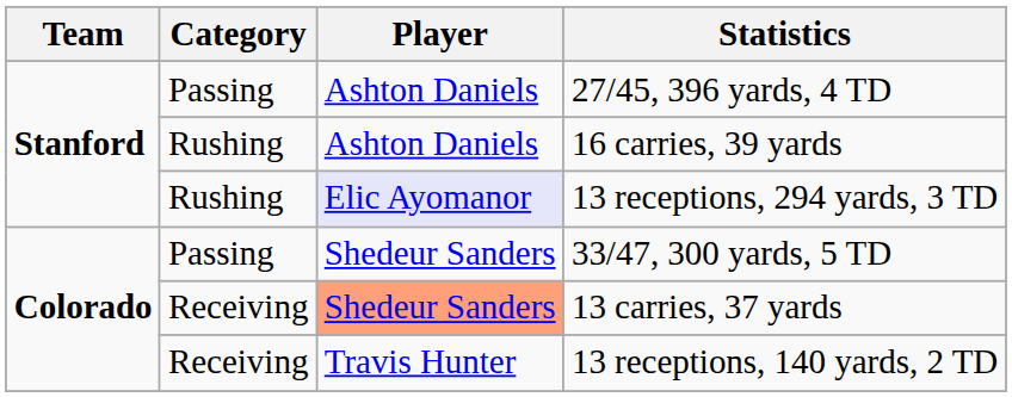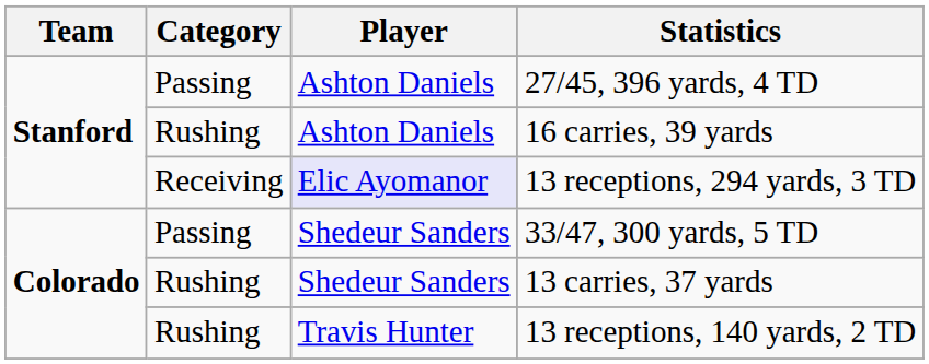 <table class="wikitable" style="float: right;">
 <tr>
 <th>Team</th>
 <th>Category</th>
 <th>Player</th>
 <th>Statistics</th>
 </tr>
 <tr>
 <td rowspan=3><strong>Stanford</strong></td>
 <td>Passing</td>
 <td><a href='#'>Ashton Daniels</a></td>
 <td>27/45, 396 yards, 4 TD</td>
 </tr>
 <tr>
 <td>Rushing</td>
 <td><a href='#'>Ashton Daniels</a></td>
 <td>16 carries, 39 yards</td>
 </tr>
 <tr>
-<td>Rushing</td>
+<td>Receiving</td>
 <td style="background: lavender;"><a href='#'>Elic Ayomanor</a></td>
 <td>13 receptions, 294 yards, 3 TD</td>
 </tr>
 <tr>
 <td rowspan=3><strong>Colorado</strong></td>
 <td>Passing</td>
 <td><a href='#'>Shedeur Sanders</a></td>
 <td>33/47, 300 yards, 5 TD</td>
 </tr>
 <tr>
-<td>Receiving</td>
-<td style="background: lightsalmon;"><a href='#'>Shedeur Sanders</a></td>
+<td>Rushing</td>
+<td><a href='#'>Shedeur Sanders</a></td>
 <td>13 carries, 37 yards</td>
 </tr>
 <tr>
-<td>Receiving</td>
+<td>Rushing</td>
 <td><a href='#'>Travis Hunter</a></td>
 <td>13 receptions, 140 yards, 2 TD</td>
 </tr>
 </table>
